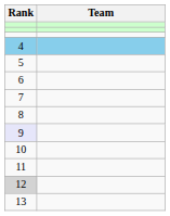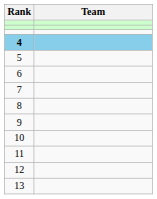 <table class="wikitable" style="text-align: center;">
 <tr>
 <th width=40>Rank</th>
 <th width=180>Team</th>
 </tr>
 <tr bgcolor=#CCFFCC>
 <td></td>
 <td style="text-align:left;"></td>
 </tr>
 <tr bgcolor=#CCFFCC>
 <td></td>
 <td style="text-align:left;"></td>
 </tr>
 <tr align=center>
 <td></td>
 <td style="text-align:left;"></td>
 </tr>
 <tr bgcolor=#87ceeb>
-<td>4</td>
+<td><strong>4</strong></td>
 <td style="text-align:left;"></td>
 </tr>
 <tr align=center>
 <td>5</td>
 <td style="text-align:left;"></td>
 </tr>
 <tr align=center>
 <td>6</td>
 <td style="text-align:left;"></td>
 </tr>
 <tr align=center>
 <td>7</td>
 <td style="text-align:left;"></td>
 </tr>
 <tr align=center>
 <td>8</td>
 <td style="text-align:left;"></td>
 </tr>
 <tr align=center>
-<td style="background: lavender;">9</td>
+<td>9</td>
 <td style="text-align:left;"></td>
 </tr>
 <tr align=center>
 <td>10</td>
 <td style="text-align:left;"></td>
 </tr>
 <tr align=center>
 <td>11</td>
 <td style="text-align:left;"></td>
 </tr>
 <tr align=center>
-<td style="background: lightgrey;">12</td>
+<td>12</td>
 <td style="text-align:left;"></td>
 </tr>
 <tr align=center>
 <td>13</td>
 <td style="text-align:left;"></td>
 </tr>
 </table>
